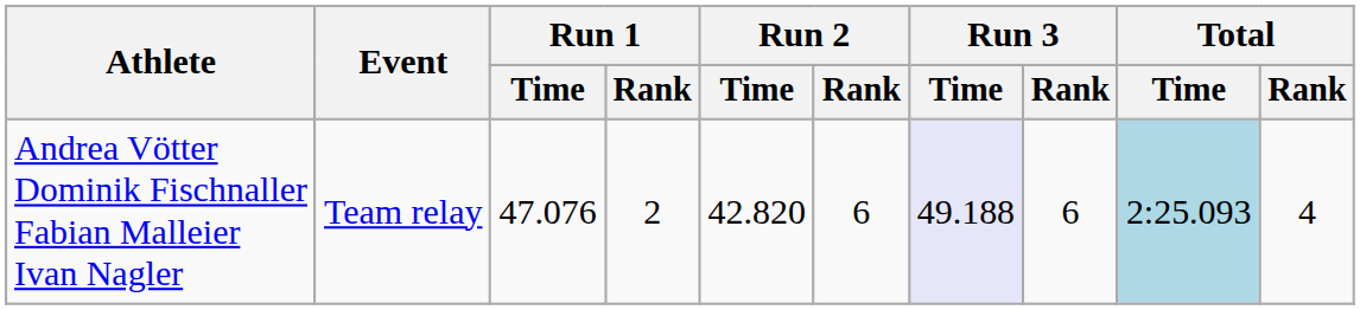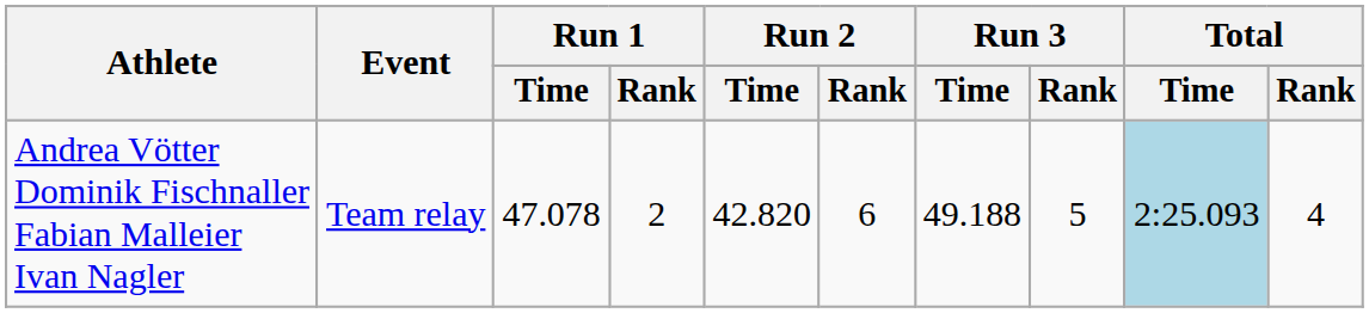 <table class="wikitable" style="font-size:90%">
 <tr>
 <th rowspan="2">Athlete</th>
 <th rowspan="2">Event</th>
 <th colspan=2>Run 1</th>
 <th colspan=2>Run 2</th>
 <th colspan=2>Run 3</th>
 <th colspan=2>Total</th>
 </tr>
 <tr style="font-size:95%">
 <th>Time</th>
 <th>Rank</th>
 <th>Time</th>
 <th>Rank</th>
 <th>Time</th>
 <th>Rank</th>
 <th>Time</th>
 <th>Rank</th>
 </tr>
 <tr align=center>
 <td align=left><a href='#'>Andrea Vötter</a><br><a href='#'>Dominik Fischnaller</a><br><a href='#'>Fabian Malleier</a><br><a href='#'>Ivan Nagler</a></td>
 <td align=left><a href='#'>Team relay</a></td>
-<td>47.076</td>
+<td>47.078</td>
 <td>2</td>
 <td>42.820</td>
 <td>6</td>
-<td style="background: lavender;">49.188</td>
-<td>6</td>
+<td>49.188</td>
+<td>5</td>
 <td style="background: lightblue;">2:25.093</td>
 <td>4</td>
 </tr>
 </table>
